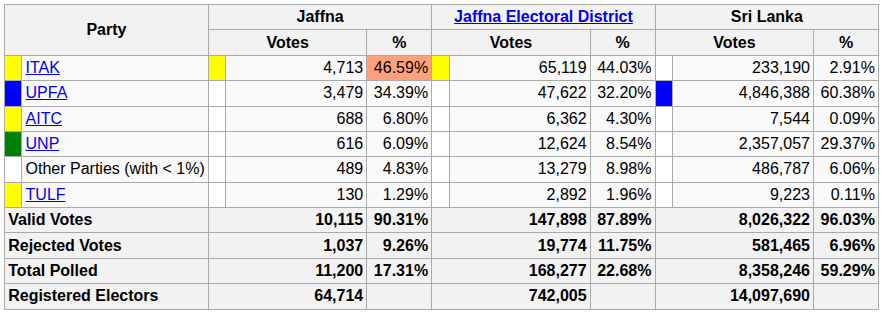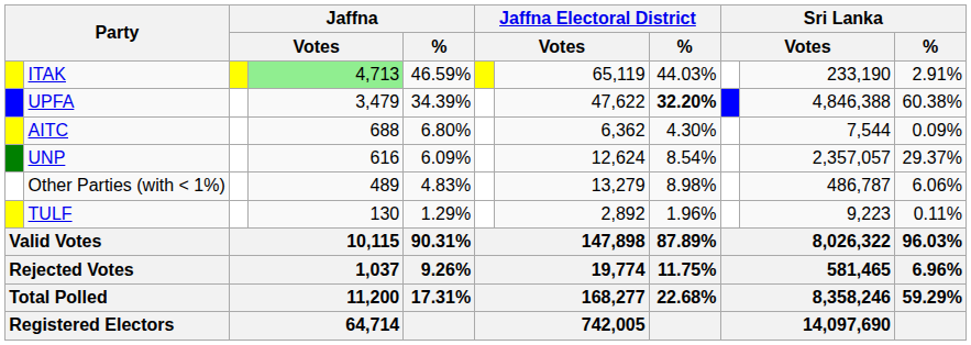 <table class="wikitable">
 <tr>
 <th colspan="2" width="144px"rowspan="2">Party</th>
 <th colspan="3" width="216px">Jaffna</th>
 <th colspan="3" width="216px"><a href='#'>Jaffna Electoral District</a></th>
 <th colspan="3" width="216px">Sri Lanka</th>
 </tr>
 <tr>
 <th colspan="2" width="144px">Votes</th>
 <th>%</th>
 <th colspan="2" width="144px">Votes</th>
 <th>%</th>
 <th colspan="2" width="144px">Votes</th>
 <th>%</th>
 </tr>
 <tr>
 <td style="background-color:yellow;" width="10px"></td>
 <td style="text-align:left;"><a href='#'>ITAK</a></td>
 <td style="background-color:yellow;" width="10px"></td>
-<td style="text-align:right;">4,713</td>
-<td style="background: lightsalmon; text-align:right;">46.59%</td>
+<td style="background: lightgreen; text-align:right;">4,713</td>
+<td style="text-align:right;">46.59%</td>
 <td style="background-color:yellow;" width="10px"></td>
 <td style="text-align:right;">65,119</td>
 <td style="text-align:right;">44.03%</td>
 <td style="background-color:white;" width="10px"></td>
 <td style="text-align:right;">233,190</td>
 <td style="text-align:right;">2.91%</td>
 </tr>
 <tr>
 <td style="background-color:blue;" width="10px"></td>
 <td style="text-align:left;"><a href='#'>UPFA</a></td>
 <td style="background-color:white;" width="10px"></td>
 <td style="text-align:right;">3,479</td>
 <td style="text-align:right;">34.39%</td>
 <td style="background-color:white;" width="10px"></td>
 <td style="text-align:right;">47,622</td>
-<td style="text-align:right;">32.20%</td>
+<td style="text-align:right;"><strong>32.20%</strong></td>
 <td style="background-color:blue;" width="10px"></td>
 <td style="text-align:right;">4,846,388</td>
 <td style="text-align:right;">60.38%</td>
 </tr>
 <tr>
 <td style="background-color:yellow;" width="10px"></td>
 <td style="text-align:left;"><a href='#'>AITC</a></td>
 <td style="background-color:white;" width="10px"></td>
 <td style="text-align:right;">688</td>
 <td style="text-align:right;">6.80%</td>
 <td style="background-color:white;" width="10px"></td>
 <td style="text-align:right;">6,362</td>
 <td style="text-align:right;">4.30%</td>
 <td style="background-color:white;" width="10px"></td>
 <td style="text-align:right;">7,544</td>
 <td style="text-align:right;">0.09%</td>
 </tr>
 <tr>
 <td style="background-color:green;" width="10px"></td>
 <td style="text-align:left;"><a href='#'>UNP</a></td>
 <td style="background-color:white;" width="10px"></td>
 <td style="text-align:right;">616</td>
 <td style="text-align:right;">6.09%</td>
 <td style="background-color:white;" width="10px"></td>
 <td style="text-align:right;">12,624</td>
 <td style="text-align:right;">8.54%</td>
 <td style="background-color:white;" width="10px"></td>
 <td style="text-align:right;">2,357,057</td>
 <td style="text-align:right;">29.37%</td>
 </tr>
 <tr>
 <td style="background-color:white;" width="10px"></td>
 <td style="text-align:left;">Other Parties (with < 1%)</td>
 <td style="background-color:white;" width="10px"></td>
 <td style="text-align:right;">489</td>
 <td style="text-align:right;">4.83%</td>
 <td style="background-color:white;" width="10px"></td>
 <td style="text-align:right;">13,279</td>
 <td style="text-align:right;">8.98%</td>
 <td style="background-color:white;" width="10px"></td>
 <td style="text-align:right;">486,787</td>
 <td style="text-align:right;">6.06%</td>
 </tr>
 <tr>
 <td style="background-color:yellow;" width="10px"></td>
 <td style="text-align:left;"><a href='#'>TULF</a></td>
 <td style="background-color:white;" width="10px"></td>
 <td style="text-align:right;">130</td>
 <td style="text-align:right;">1.29%</td>
 <td style="background-color:white;" width="10px"></td>
 <td style="text-align:right;">2,892</td>
 <td style="text-align:right;">1.96%</td>
 <td style="background-color:white;" width="10px"></td>
 <td style="text-align:right;">9,223</td>
 <td style="text-align:right;">0.11%</td>
 </tr>
 <tr>
 <th colspan="2" width="144px"style="text-align:left;">Valid Votes</th>
 <th style="text-align:right;"colspan="2" width="144px">10,115</th>
 <th style="text-align:right;">90.31%</th>
 <th style="text-align:right;"colspan="2" width="144px">147,898</th>
 <th style="text-align:right;">87.89%</th>
 <th style="text-align:right;"colspan="2" width="144px">8,026,322</th>
 <th style="text-align:right;">96.03%</th>
 </tr>
 <tr>
 <th colspan="2" width="144px"style="text-align:left;">Rejected Votes</th>
 <th style="text-align:right;"colspan="2" width="144px">1,037</th>
 <th style="text-align:right;">9.26%</th>
 <th style="text-align:right;"colspan="2" width="144px">19,774</th>
 <th style="text-align:right;">11.75%</th>
 <th style="text-align:right;"colspan="2" width="144px">581,465</th>
 <th style="text-align:right;">6.96%</th>
 </tr>
 <tr>
 <th colspan="2" width="144px"style="text-align:left;">Total Polled</th>
 <th style="text-align:right;"colspan="2" width="144px">11,200</th>
 <th style="text-align:right;">17.31%</th>
 <th style="text-align:right;"colspan="2" width="144px">168,277</th>
 <th style="text-align:right;">22.68%</th>
 <th style="text-align:right;"colspan="2" width="144px">8,358,246</th>
 <th style="text-align:right;">59.29%</th>
 </tr>
 <tr>
 <th colspan="2" width="144px"style="text-align:left;">Registered Electors</th>
 <th style="text-align:right;"colspan="2" width="144px">64,714</th>
 <th></th>
 <th style="text-align:right;"colspan="2" width="144px">742,005</th>
 <th></th>
 <th style="text-align:right;"colspan="2" width="144px">14,097,690</th>
 <th></th>
 </tr>
 </table>
